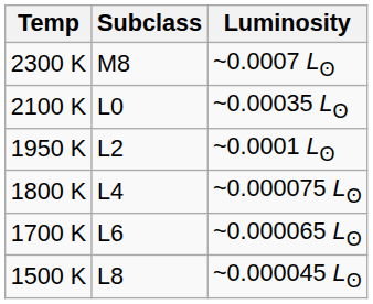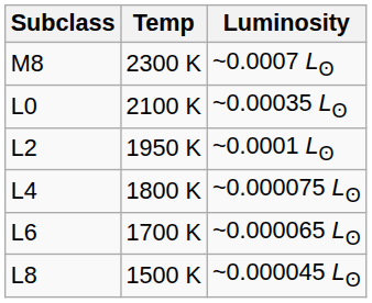 <table class="wikitable floatright">
 <tr>
+<th>Subclass</th>
 <th>Temp</th>
-<th>Subclass</th>
 <th>Luminosity</th>
 </tr>
 <tr>
+<td>M8</td>
 <td style="background-color:#">2300 K</td>
-<td>M8</td>
 <td>~0.0007 <em>L</em><sub>ʘ</sub></td>
 </tr>
 <tr>
+<td>L0</td>
 <td style="background-color:#">2100 K</td>
-<td>L0</td>
 <td>~0.00035 <em>L</em><sub>ʘ</sub></td>
 </tr>
 <tr>
+<td>L2</td>
 <td style="background-color:#">1950 K</td>
-<td>L2</td>
 <td>~0.0001 <em>L</em><sub>ʘ</sub></td>
 </tr>
 <tr>
+<td>L4</td>
 <td style="background-color:#">1800 K</td>
-<td>L4</td>
 <td>~0.000075 <em>L</em><sub>ʘ</sub></td>
 </tr>
 <tr>
+<td>L6</td>
 <td style="background-color:#">1700 K</td>
-<td>L6</td>
 <td>~0.000065 <em>L</em><sub>ʘ</sub></td>
 </tr>
 <tr>
+<td>L8</td>
 <td style="background-color:#">1500 K</td>
-<td>L8</td>
 <td>~0.000045 <em>L</em><sub>ʘ</sub></td>
 </tr>
 </table>
